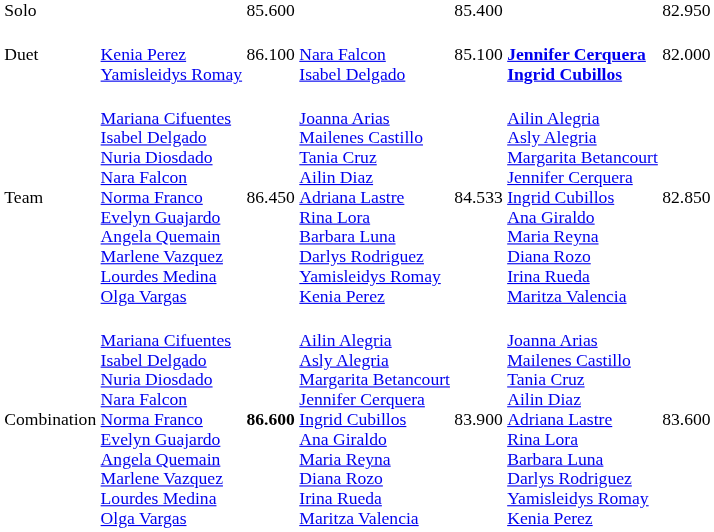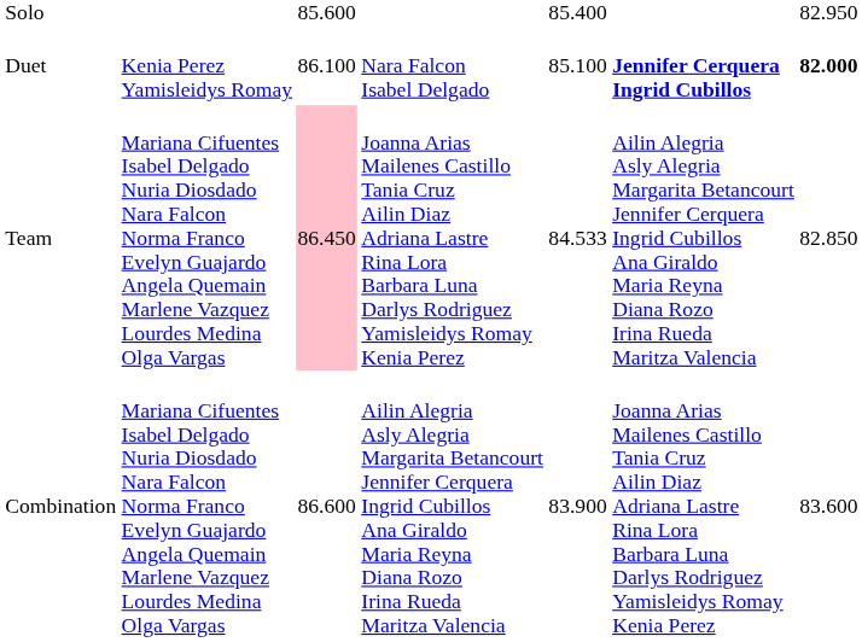 <table>
 <tr>
 <td>Solo</td>
 <td></td>
 <td>85.600</td>
 <td></td>
 <td>85.400</td>
 <td></td>
 <td>82.950</td>
 </tr>
 <tr>
 <td>Duet</td>
 <td><br><a href='#'>Kenia Perez</a><br><a href='#'>Yamisleidys Romay</a></td>
 <td>86.100</td>
 <td><br><a href='#'>Nara Falcon</a><br><a href='#'>Isabel Delgado</a></td>
 <td>85.100</td>
 <td><strong><br><a href='#'>Jennifer Cerquera</a><br><a href='#'>Ingrid Cubillos</a></strong></td>
-<td>82.000</td>
+<td><strong>82.000</strong></td>
 </tr>
 <tr>
 <td>Team</td>
 <td><br><a href='#'>Mariana Cifuentes</a><br><a href='#'>Isabel Delgado</a><br><a href='#'>Nuria Diosdado</a><br><a href='#'>Nara Falcon</a><br><a href='#'>Norma Franco</a><br><a href='#'>Evelyn Guajardo</a><br><a href='#'>Angela Quemain</a><br><a href='#'>Marlene Vazquez</a><br><a href='#'>Lourdes Medina</a><br><a href='#'>Olga Vargas</a></td>
-<td>86.450</td>
+<td style="background: pink;">86.450</td>
 <td><br><a href='#'>Joanna Arias</a><br><a href='#'>Mailenes Castillo</a><br><a href='#'>Tania Cruz</a><br><a href='#'>Ailin Diaz</a><br><a href='#'>Adriana Lastre</a><br><a href='#'>Rina Lora</a><br><a href='#'>Barbara Luna</a><br><a href='#'>Darlys Rodriguez</a><br><a href='#'>Yamisleidys Romay</a><br><a href='#'>Kenia Perez</a></td>
 <td>84.533</td>
 <td><br><a href='#'>Ailin Alegria</a><br><a href='#'>Asly Alegria</a><br><a href='#'>Margarita Betancourt</a><br><a href='#'>Jennifer Cerquera</a><br><a href='#'>Ingrid Cubillos</a><br><a href='#'>Ana Giraldo</a><br><a href='#'>Maria Reyna</a><br><a href='#'>Diana Rozo</a><br><a href='#'>Irina Rueda</a><br><a href='#'>Maritza Valencia</a></td>
 <td>82.850</td>
 </tr>
 <tr>
 <td>Combination</td>
 <td><br><a href='#'>Mariana Cifuentes</a><br><a href='#'>Isabel Delgado</a><br><a href='#'>Nuria Diosdado</a><br><a href='#'>Nara Falcon</a><br><a href='#'>Norma Franco</a><br><a href='#'>Evelyn Guajardo</a><br><a href='#'>Angela Quemain</a><br><a href='#'>Marlene Vazquez</a><br><a href='#'>Lourdes Medina</a><br><a href='#'>Olga Vargas</a></td>
-<td><strong>86.600</strong></td>
+<td>86.600</td>
 <td><br><a href='#'>Ailin Alegria</a><br><a href='#'>Asly Alegria</a><br><a href='#'>Margarita Betancourt</a><br><a href='#'>Jennifer Cerquera</a><br><a href='#'>Ingrid Cubillos</a><br><a href='#'>Ana Giraldo</a><br><a href='#'>Maria Reyna</a><br><a href='#'>Diana Rozo</a><br><a href='#'>Irina Rueda</a><br><a href='#'>Maritza Valencia</a></td>
 <td>83.900</td>
 <td><br><a href='#'>Joanna Arias</a><br><a href='#'>Mailenes Castillo</a><br><a href='#'>Tania Cruz</a><br><a href='#'>Ailin Diaz</a><br><a href='#'>Adriana Lastre</a><br><a href='#'>Rina Lora</a><br><a href='#'>Barbara Luna</a><br><a href='#'>Darlys Rodriguez</a><br><a href='#'>Yamisleidys Romay</a><br><a href='#'>Kenia Perez</a></td>
 <td>83.600</td>
 </tr>
 </table>
